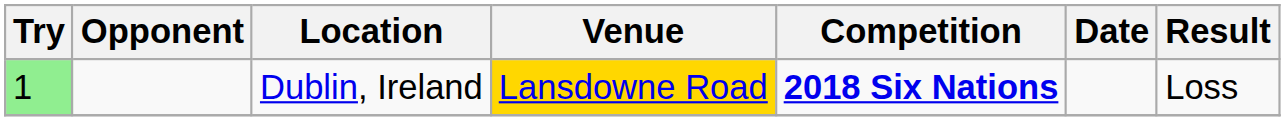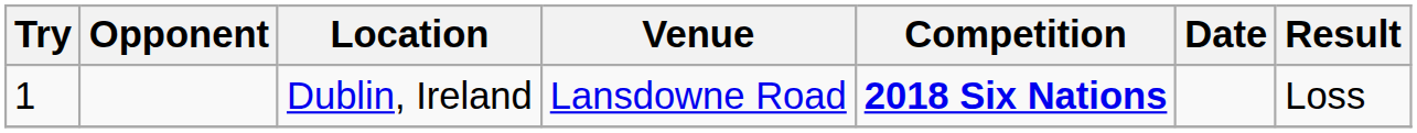 <table class="wikitable sortable">
 <tr>
 <th>Try</th>
 <th>Opponent</th>
 <th>Location</th>
 <th>Venue</th>
 <th>Competition</th>
 <th>Date</th>
 <th>Result</th>
 </tr>
 <tr>
-<td style="background: lightgreen;">1</td>
+<td>1</td>
 <td></td>
 <td><a href='#'>Dublin</a>, Ireland</td>
-<td style="background: gold;"><a href='#'>Lansdowne Road</a></td>
+<td><a href='#'>Lansdowne Road</a></td>
 <td><strong><a href='#'>2018 Six Nations</a></strong></td>
 <td></td>
 <td>Loss</td>
 </tr>
 <tr>
 </tr>
 </table>
